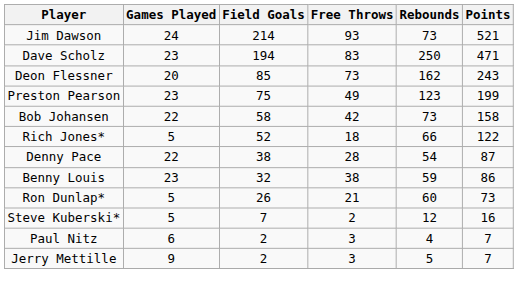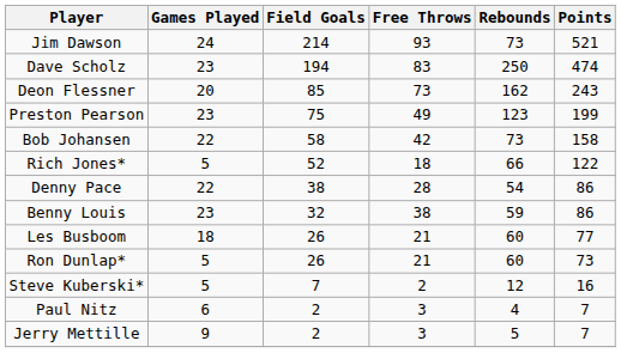 <table class="wikitable sortable">
 <tr>
 <th>Player</th>
 <th>Games Played</th>
 <th>Field Goals</th>
 <th>Free Throws</th>
 <th>Rebounds</th>
 <th>Points</th>
 </tr>
 <tr align="center" bgcolor="">
 <td>Jim Dawson</td>
 <td>24</td>
 <td>214</td>
 <td>93</td>
 <td>73</td>
 <td>521</td>
 </tr>
 <tr align="center" bgcolor="">
 <td>Dave Scholz</td>
 <td>23</td>
 <td>194</td>
 <td>83</td>
 <td>250</td>
-<td>471</td>
+<td>474</td>
 </tr>
 <tr align="center" bgcolor="">
 <td>Deon Flessner</td>
 <td>20</td>
 <td>85</td>
 <td>73</td>
 <td>162</td>
 <td>243</td>
 </tr>
 <tr align="center" bgcolor="">
 <td>Preston Pearson</td>
 <td>23</td>
 <td>75</td>
 <td>49</td>
 <td>123</td>
 <td>199</td>
 </tr>
 <tr align="center" bgcolor="">
 <td>Bob Johansen</td>
 <td>22</td>
 <td>58</td>
 <td>42</td>
 <td>73</td>
 <td>158</td>
 </tr>
 <tr align="center" bgcolor="">
 <td>Rich Jones*</td>
 <td>5</td>
 <td>52</td>
 <td>18</td>
 <td>66</td>
 <td>122</td>
 </tr>
 <tr align="center" bgcolor="">
 <td>Denny Pace</td>
 <td>22</td>
 <td>38</td>
 <td>28</td>
 <td>54</td>
-<td>87</td>
+<td>86</td>
 </tr>
 <tr align="center" bgcolor="">
 <td>Benny Louis</td>
 <td>23</td>
 <td>32</td>
 <td>38</td>
 <td>59</td>
 <td>86</td>
+</tr>
+<tr align="center" bgcolor="">
+<td>Les Busboom</td>
+<td>18</td>
+<td>26</td>
+<td>21</td>
+<td>60</td>
+<td>77</td>
 </tr>
 <tr align="center" bgcolor="">
 <td>Ron Dunlap*</td>
 <td>5</td>
 <td>26</td>
 <td>21</td>
 <td>60</td>
 <td>73</td>
 </tr>
 <tr align="center" bgcolor="">
 <td>Steve Kuberski*</td>
 <td>5</td>
 <td>7</td>
 <td>2</td>
 <td>12</td>
 <td>16</td>
 </tr>
 <tr align="center" bgcolor="">
 <td>Paul Nitz</td>
 <td>6</td>
 <td>2</td>
 <td>3</td>
 <td>4</td>
 <td>7</td>
 </tr>
 <tr align="center">
 <td>Jerry Mettille</td>
 <td>9</td>
 <td>2</td>
 <td>3</td>
 <td>5</td>
 <td>7</td>
 </tr>
 <tr align="center">
 </tr>
 </table>
